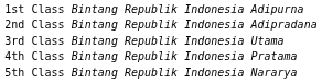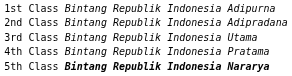 <table>
 <tr>
 <td>1st Class</td>
 <td></td>
 <td><em>Bintang Republik Indonesia Adipurna</em></td>
 </tr>
 <tr>
 <td>2nd Class</td>
 <td></td>
 <td><em>Bintang Republik Indonesia Adipradana</em></td>
 </tr>
 <tr>
 <td>3rd Class</td>
 <td></td>
 <td><em>Bintang Republik Indonesia Utama</em></td>
 </tr>
 <tr>
 <td>4th Class</td>
 <td></td>
 <td><em>Bintang Republik Indonesia Pratama</em></td>
 </tr>
 <tr>
 <td>5th Class</td>
 <td></td>
-<td><em>Bintang Republik Indonesia Nararya</em></td>
+<td><strong><em>Bintang Republik Indonesia Nararya</em></strong></td>
 </tr>
 </table>
